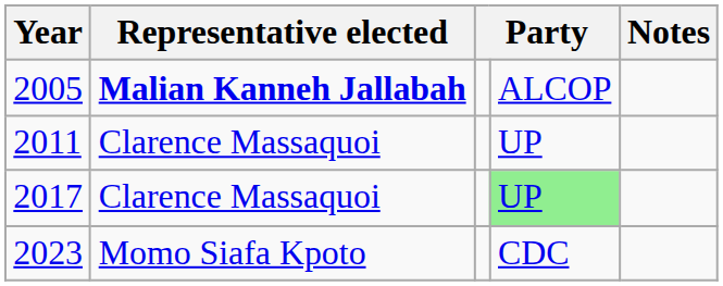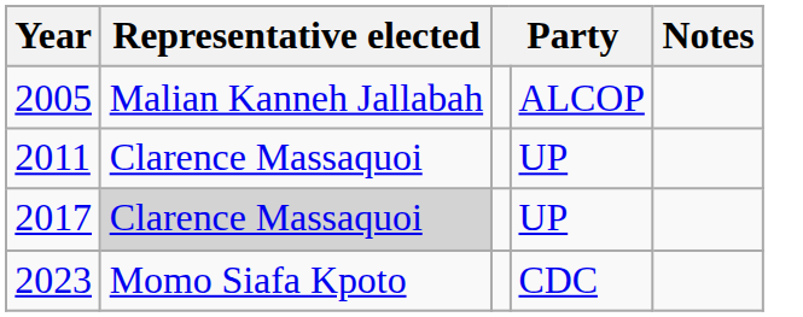 <table class="wikitable">
 <tr>
 <th>Year</th>
 <th>Representative elected</th>
 <th colspan=2>Party</th>
 <th>Notes</th>
 </tr>
 <tr>
 <td><a href='#'>2005</a></td>
-<td><strong><a href='#'>Malian Kanneh Jallabah</a></strong></td>
+<td><a href='#'>Malian Kanneh Jallabah</a></td>
 <td></td>
 <td><a href='#'>ALCOP</a></td>
 <td></td>
 </tr>
 <tr>
 <td><a href='#'>2011</a></td>
 <td><a href='#'>Clarence Massaquoi</a></td>
 <td></td>
 <td><a href='#'>UP</a></td>
 <td></td>
 </tr>
 <tr>
 <td><a href='#'>2017</a></td>
-<td><a href='#'>Clarence Massaquoi</a></td>
+<td style="background: lightgrey;"><a href='#'>Clarence Massaquoi</a></td>
 <td></td>
-<td style="background: lightgreen;"><a href='#'>UP</a></td>
+<td><a href='#'>UP</a></td>
 <td></td>
 </tr>
 <tr>
 <td><a href='#'>2023</a></td>
 <td><a href='#'>Momo Siafa Kpoto</a></td>
 <td></td>
 <td><a href='#'>CDC</a></td>
 <td></td>
 </tr>
 </table>
